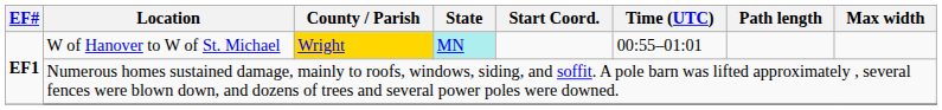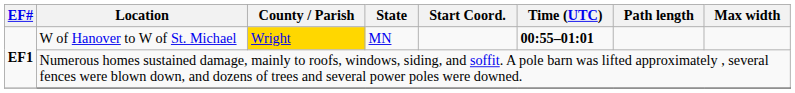 <table class="wikitable sortable" style="width:100%;">
 <tr>
 <th scope="col" width="2%" align="center"><a href='#'>EF#</a></th>
 <th scope="col" align="center" class="unsortable">Location</th>
 <th scope="col" align="center" class="unsortable">County / Parish</th>
 <th scope="col" align="center">State</th>
 <th scope="col" align="center" data-sort-type="number">Start Coord.</th>
 <th scope="col" align="center" data-sort-type="number">Time (<a href='#'>UTC</a>)</th>
 <th scope="col" align="center" data-sort-type="number">Path length</th>
 <th scope="col" align="center" data-sort-type="number">Max width</th>
 </tr>
 <tr>
 <td rowspan="2" align="center"><strong>EF1</strong></td>
 <td>W of <a href='#'>Hanover</a> to W of <a href='#'>St. Michael</a></td>
 <td style="background: gold;"><a href='#'>Wright</a></td>
-<td style="background: paleturquoise;"><a href='#'>MN</a></td>
+<td><a href='#'>MN</a></td>
 <td></td>
-<td>00:55–01:01</td>
+<td><strong>00:55–01:01</strong></td>
 <td></td>
 <td></td>
 </tr>
 <tr class="expand-child">
 <td colspan="8" style=" border-bottom: 1px solid black;">Numerous homes sustained damage, mainly to roofs, windows, siding, and <a href='#'>soffit</a>. A pole barn was lifted approximately , several fences were blown down, and dozens of trees and several power poles were downed.</td>
 </tr>
 <tr>
 </tr>
 </table>
